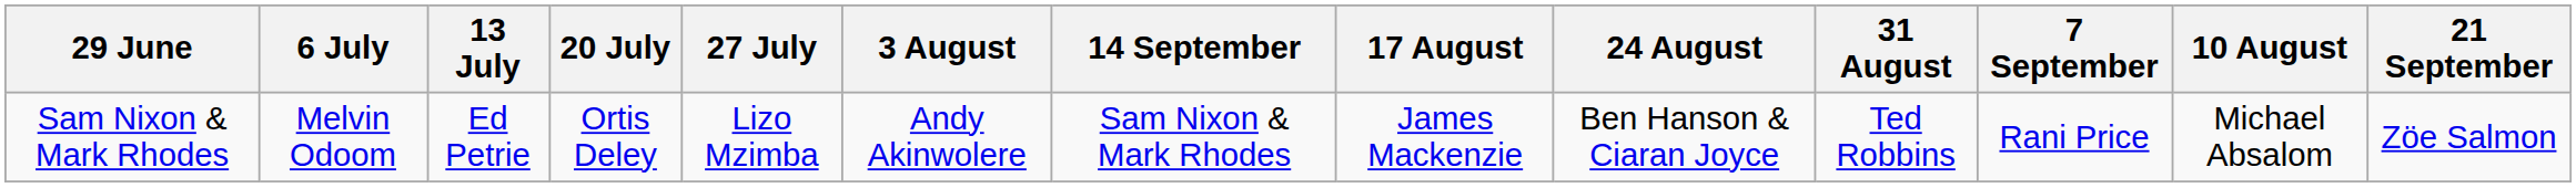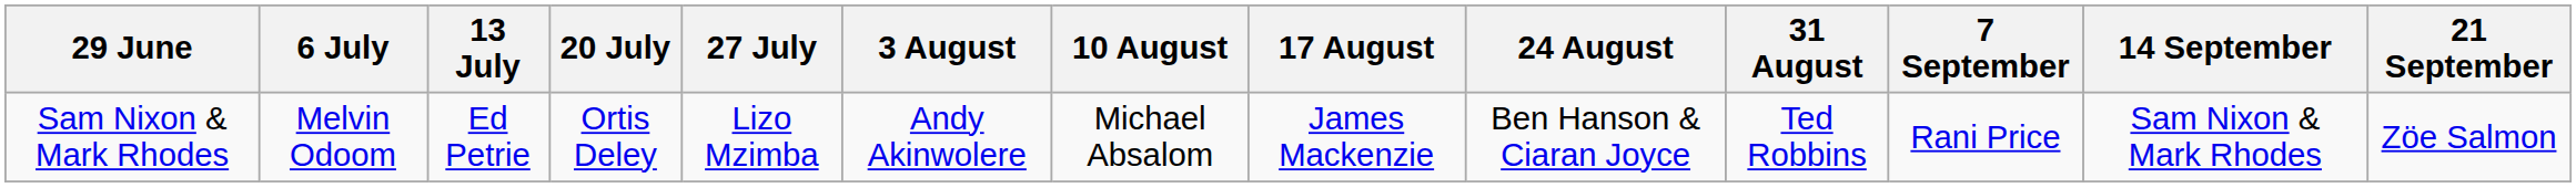 <table class="wikitable" style="font-size:100%; text-align:center; width: 100%; margin-left: auto; margin-right: auto;">
 <tr>
 <th>29 June</th>
 <th>6 July</th>
 <th>13 July</th>
 <th>20 July</th>
 <th>27 July</th>
 <th>3 August</th>
-<th>14 September</th>
+<th>10 August</th>
 <th>17 August</th>
 <th>24 August</th>
 <th>31 August</th>
 <th>7 September</th>
-<th>10 August</th>
+<th>14 September</th>
 <th>21 September</th>
 </tr>
 <tr>
 <td><a href='#'>Sam Nixon</a> & <a href='#'>Mark Rhodes</a></td>
 <td><a href='#'>Melvin Odoom</a></td>
 <td><a href='#'>Ed Petrie</a></td>
 <td><a href='#'>Ortis Deley</a></td>
 <td><a href='#'>Lizo Mzimba</a></td>
 <td><a href='#'>Andy Akinwolere</a></td>
-<td><a href='#'>Sam Nixon</a> & <a href='#'>Mark Rhodes</a></td>
+<td>Michael Absalom</td>
 <td><a href='#'>James Mackenzie</a></td>
 <td>Ben Hanson & <a href='#'>Ciaran Joyce</a></td>
 <td><a href='#'>Ted Robbins</a></td>
 <td><a href='#'>Rani Price</a></td>
-<td>Michael Absalom</td>
+<td><a href='#'>Sam Nixon</a> & <a href='#'>Mark Rhodes</a></td>
 <td><a href='#'>Zöe Salmon</a></td>
 </tr>
 </table>
